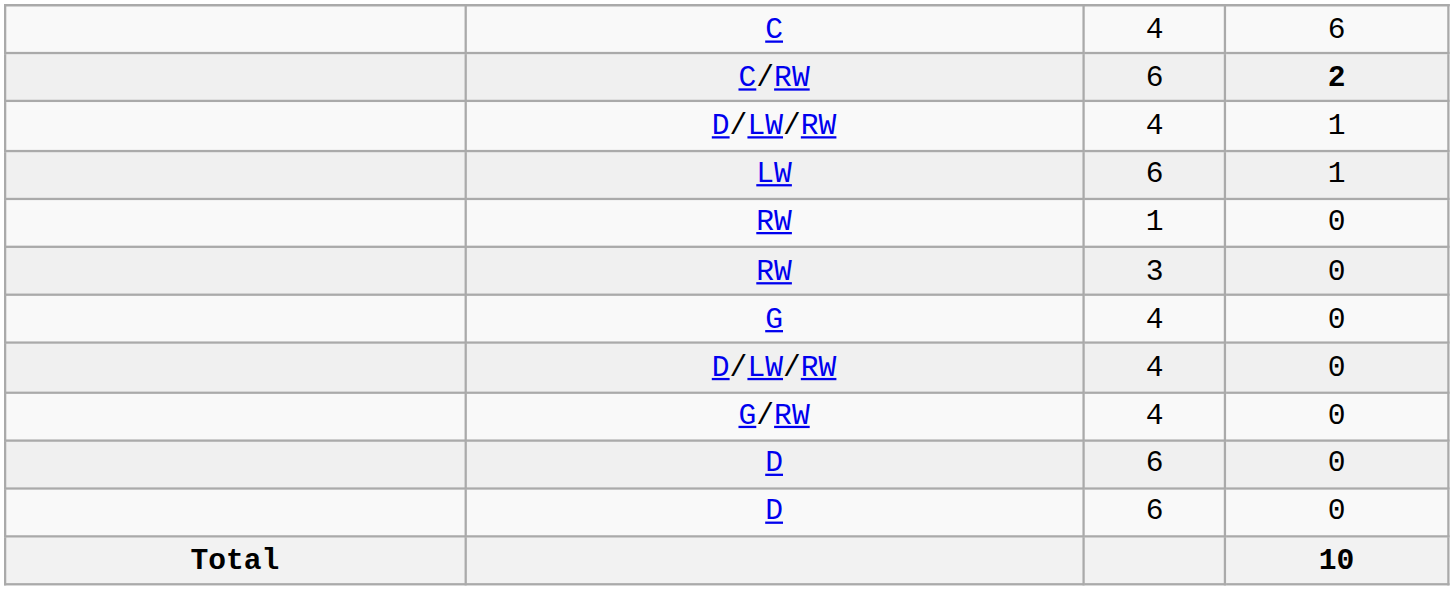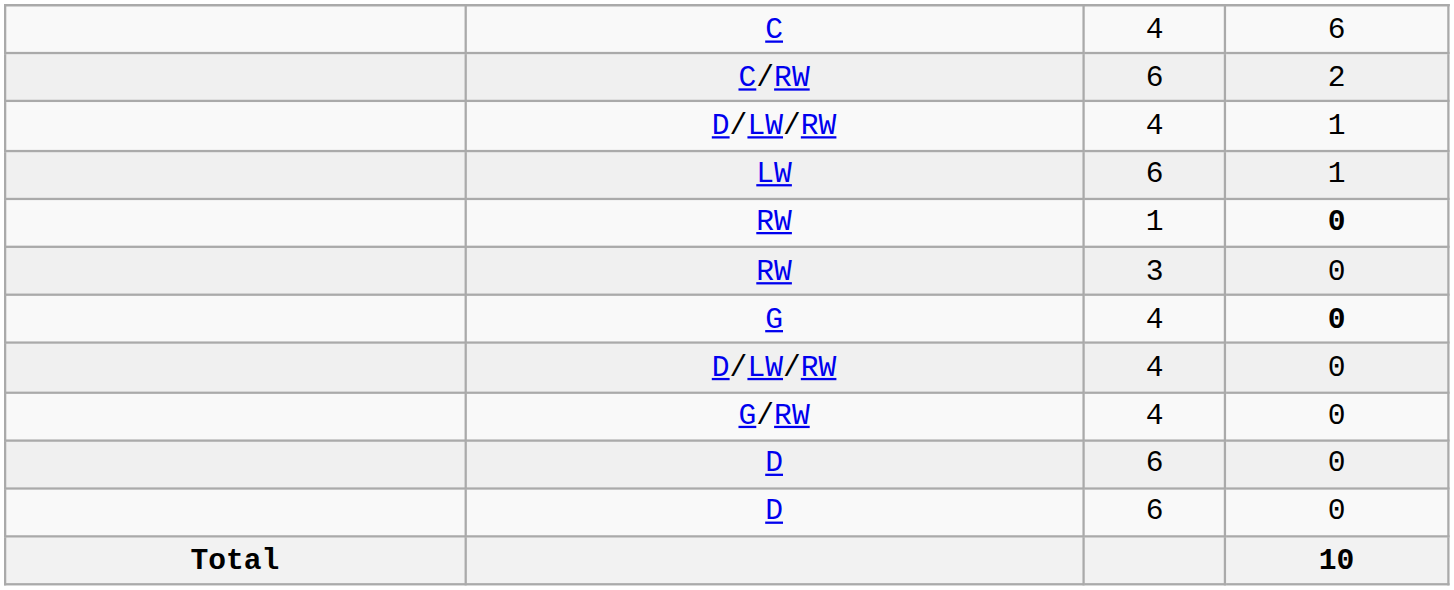 <table class="wikitable sortable" width ="40%">
 <tr align="center">
 </tr>
 <tr align="center" bgcolor="">
 <td></td>
 <td><a href='#'>C</a></td>
 <td>4</td>
 <td>6</td>
 </tr>
 <tr align="center" bgcolor="f0f0f0">
 <td></td>
 <td><a href='#'>C</a>/<a href='#'>RW</a></td>
 <td>6</td>
-<td><strong>2</strong></td>
+<td>2</td>
 </tr>
 <tr align="center" bgcolor="">
 <td></td>
 <td><a href='#'>D</a>/<a href='#'>LW</a>/<a href='#'>RW</a></td>
 <td>4</td>
 <td>1</td>
 </tr>
 <tr align="center" bgcolor="f0f0f0">
 <td></td>
 <td><a href='#'>LW</a></td>
 <td>6</td>
 <td>1</td>
 </tr>
 <tr align="center" bgcolor="">
 <td></td>
 <td><a href='#'>RW</a></td>
 <td>1</td>
-<td>0</td>
+<td><strong>0</strong></td>
 </tr>
 <tr align="center" bgcolor="f0f0f0">
 <td></td>
 <td><a href='#'>RW</a></td>
 <td>3</td>
 <td>0</td>
 </tr>
 <tr align="center" bgcolor="">
 <td></td>
 <td><a href='#'>G</a></td>
 <td>4</td>
-<td>0</td>
+<td><strong>0</strong></td>
 </tr>
 <tr align="center" bgcolor="f0f0f0">
 <td></td>
 <td><a href='#'>D</a>/<a href='#'>LW</a>/<a href='#'>RW</a></td>
 <td>4</td>
 <td>0</td>
 </tr>
 <tr align="center" bgcolor="">
 <td></td>
 <td><a href='#'>G</a>/<a href='#'>RW</a></td>
 <td>4</td>
 <td>0</td>
 </tr>
 <tr align="center" bgcolor="f0f0f0">
 <td></td>
 <td><a href='#'>D</a></td>
 <td>6</td>
 <td>0</td>
 </tr>
 <tr align="center" bgcolor="">
 <td></td>
 <td><a href='#'>D</a></td>
 <td>6</td>
 <td>0</td>
 </tr>
 <tr>
 <th>Total</th>
 <th></th>
 <th></th>
 <th>10</th>
 </tr>
 </table>
